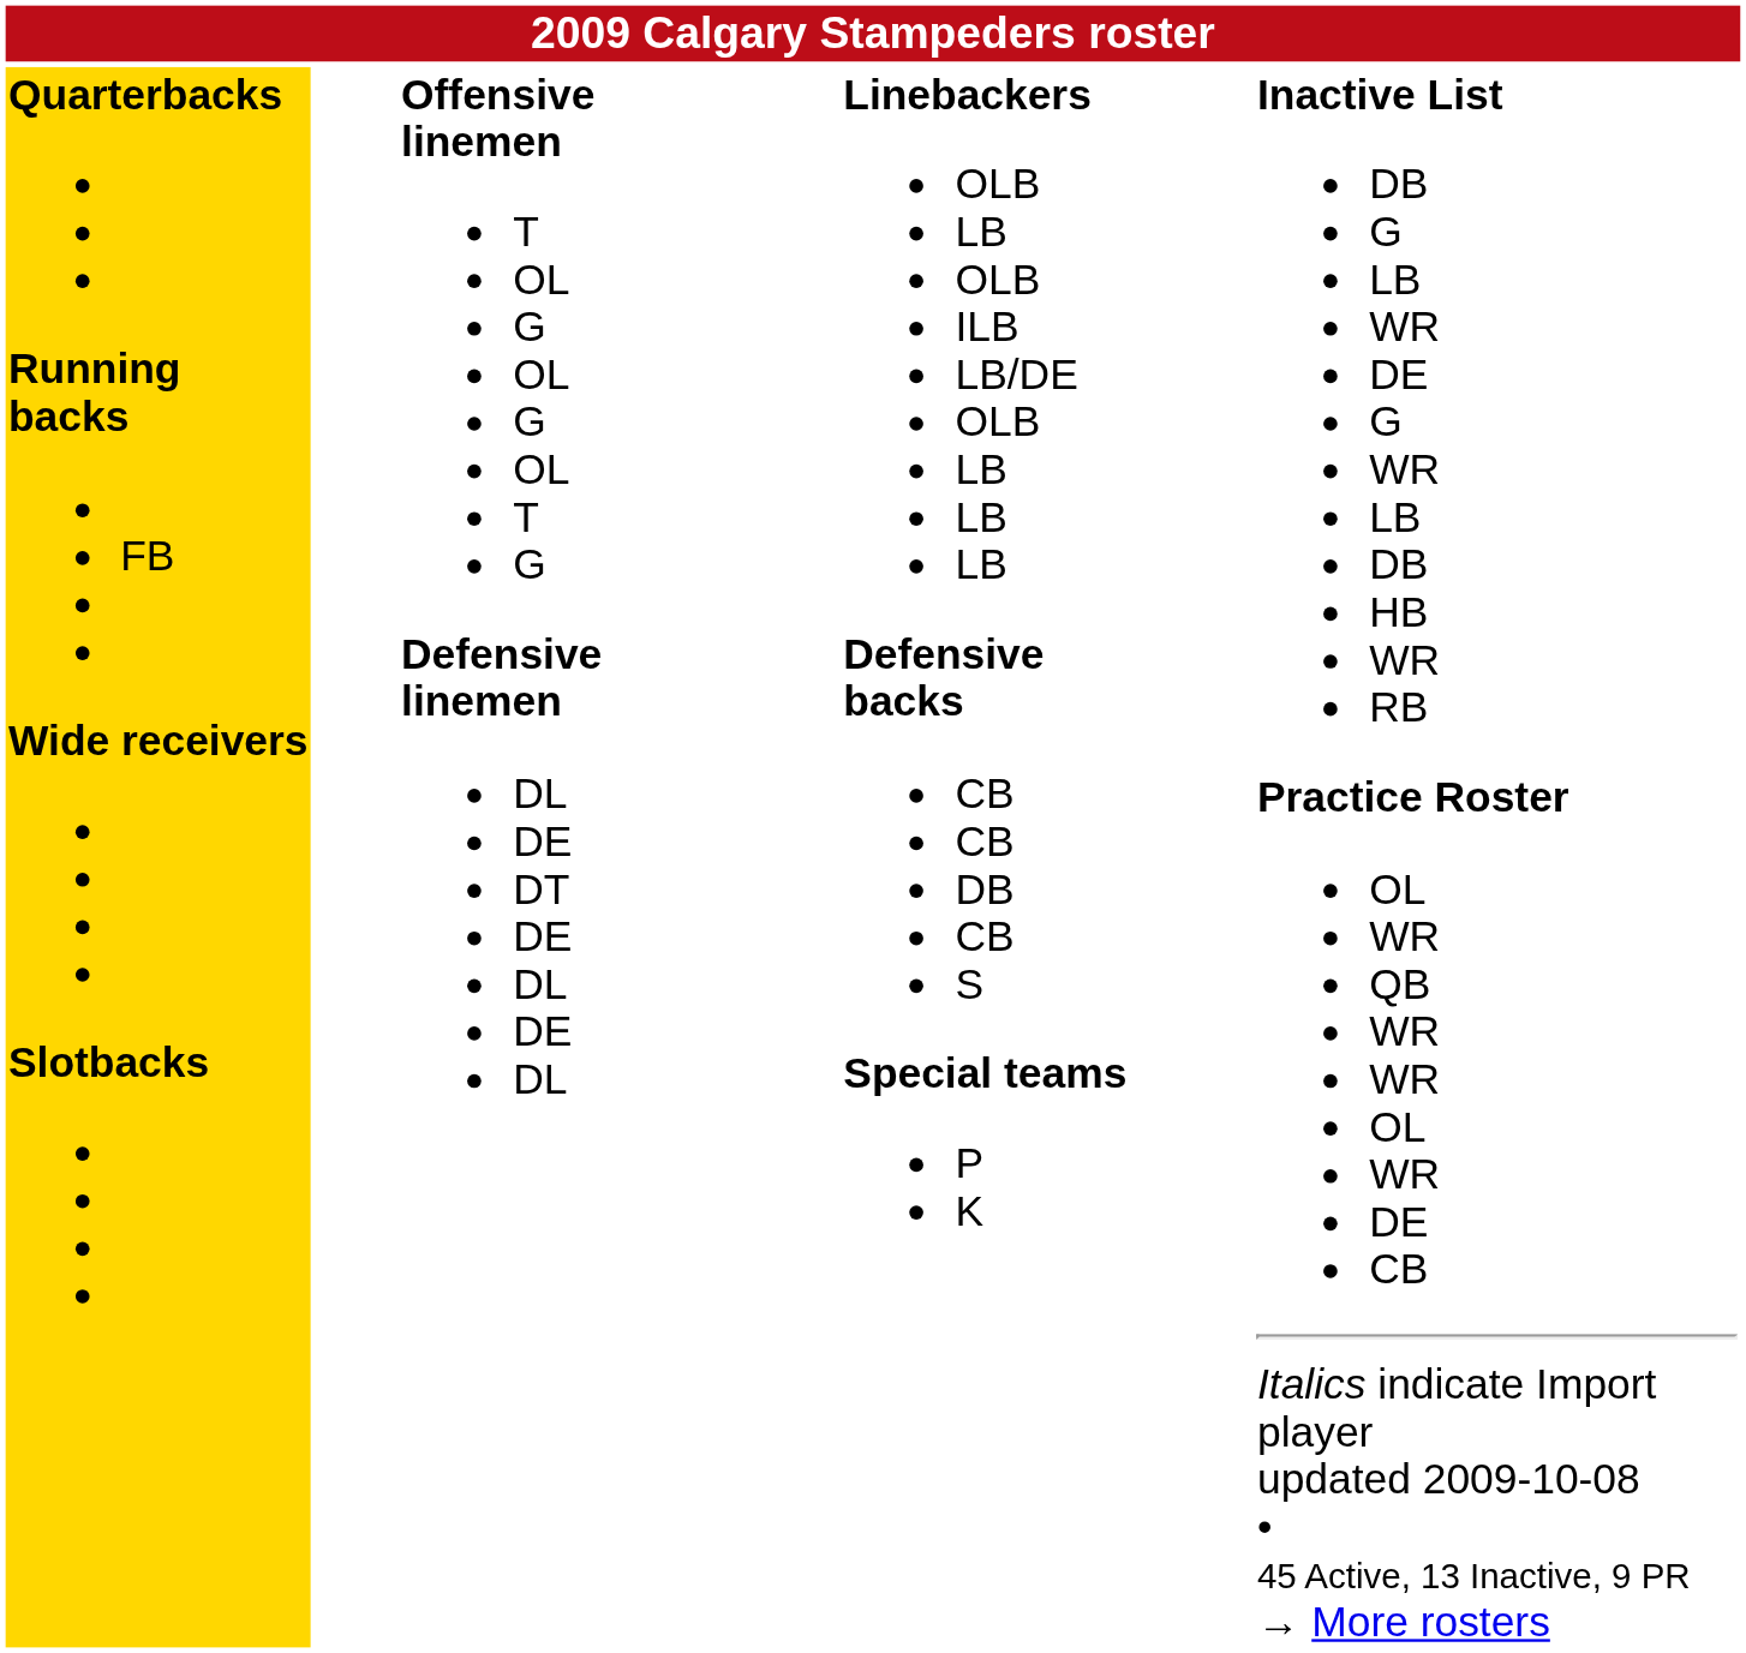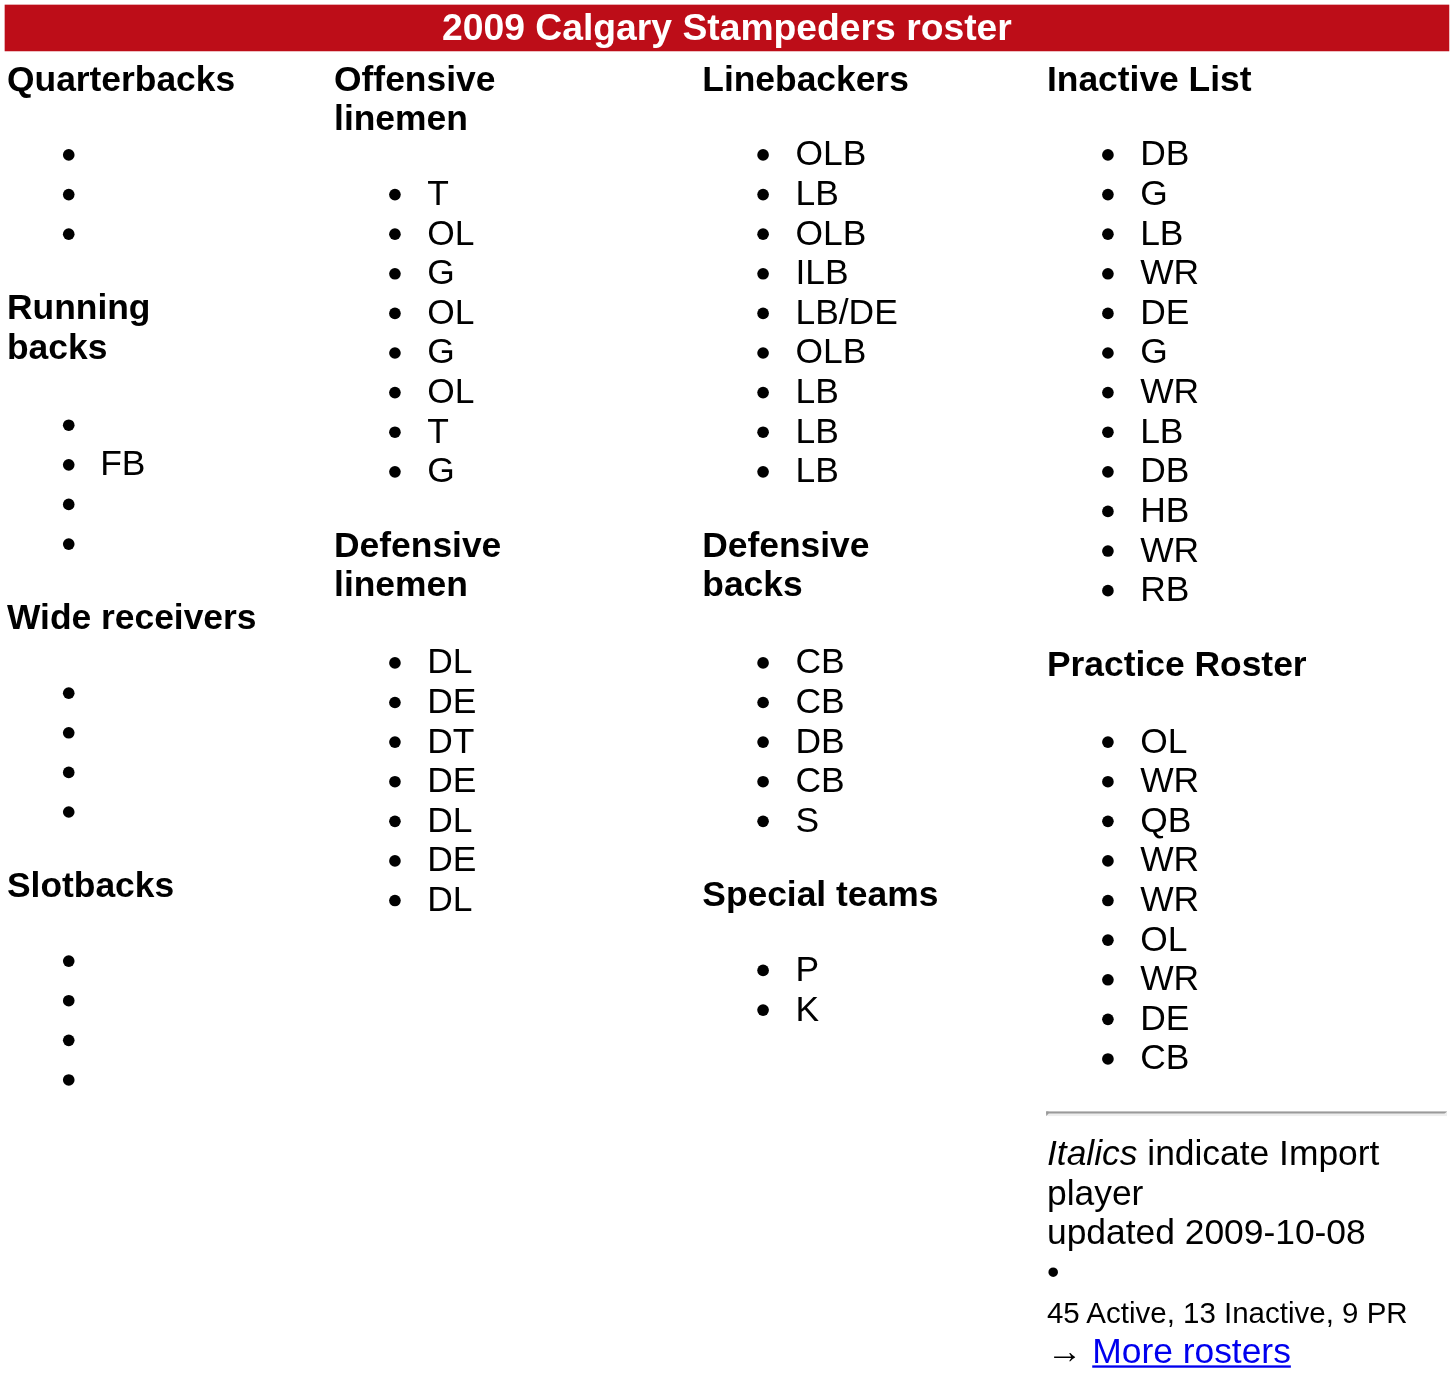 <table class="toccolours" style="text-align: left;">
 <tr>
 <th colspan="7" style="background-color: #bd0d18; color:white; border:2px solid #black; text-align: center">2009 Calgary Stampeders roster</th>
 </tr>
 <tr>
-<td style="background: gold; font-size: 95%;" valign="top"><strong>Quarterbacks</strong><br><ul><li></li><li></li><li></li></ul><strong>Running backs</strong><ul><li></li><li> FB</li><li></li><li></li></ul><strong>Wide receivers</strong><ul><li></li><li></li><li></li><li></li></ul><strong>Slotbacks</strong><ul><li></li><li></li><li></li><li></li></ul></td>
+<td style="font-size: 95%;" valign="top"><strong>Quarterbacks</strong><br><ul><li></li><li></li><li></li></ul><strong>Running backs</strong><ul><li></li><li> FB</li><li></li><li></li></ul><strong>Wide receivers</strong><ul><li></li><li></li><li></li><li></li></ul><strong>Slotbacks</strong><ul><li></li><li></li><li></li><li></li></ul></td>
 <td style="width: 25px;"></td>
 <td style="font-size: 95%;" valign="top"><strong>Offensive linemen</strong><br><ul><li> T</li><li> OL</li><li> G</li><li> OL</li><li> G</li><li> OL</li><li> T</li><li> G</li></ul><strong>Defensive linemen</strong><ul><li> DL</li><li> DE</li><li> DT</li><li> DE</li><li> DL</li><li> DE</li><li> DL</li></ul></td>
 <td style="width: 25px;"></td>
 <td style="font-size: 95%;" valign="top"><strong>Linebackers </strong><br><ul><li> OLB</li><li> LB</li><li> OLB</li><li> ILB</li><li> LB/DE</li><li> OLB</li><li> LB</li><li> LB</li><li> LB</li></ul><strong>Defensive backs</strong><ul><li> CB</li><li> CB</li><li> DB</li><li> CB</li><li> S</li></ul><strong>Special teams</strong><ul><li> P</li><li> K</li></ul></td>
 <td style="width: 25px;"></td>
 <td style="font-size: 95%;" valign="top"><strong>Inactive List</strong><br><ul><li> DB </li><li> G </li><li> LB </li><li> WR </li><li> DE </li><li> G </li><li> WR </li><li> LB </li><li> DB </li><li> HB </li><li> WR </li><li> RB </li></ul><strong>Practice Roster</strong><ul><li> OL</li><li> WR</li><li> QB</li><li> WR</li><li> WR</li><li> OL</li><li> WR</li><li> DE</li><li> CB</li></ul><hr> <em>Italics</em> indicate Import player<br> <span></span> updated 2009-10-08<br> <span></span> • <span></span><br> <small>45 Active, 13 Inactive, 9 PR</small><br>→ <a href='#'>More rosters</a></td>
 </tr>
 <tr>
 </tr>
 </table>
